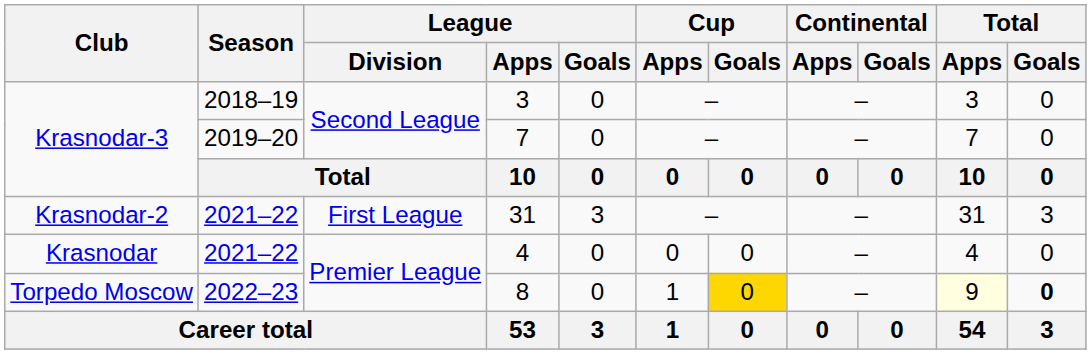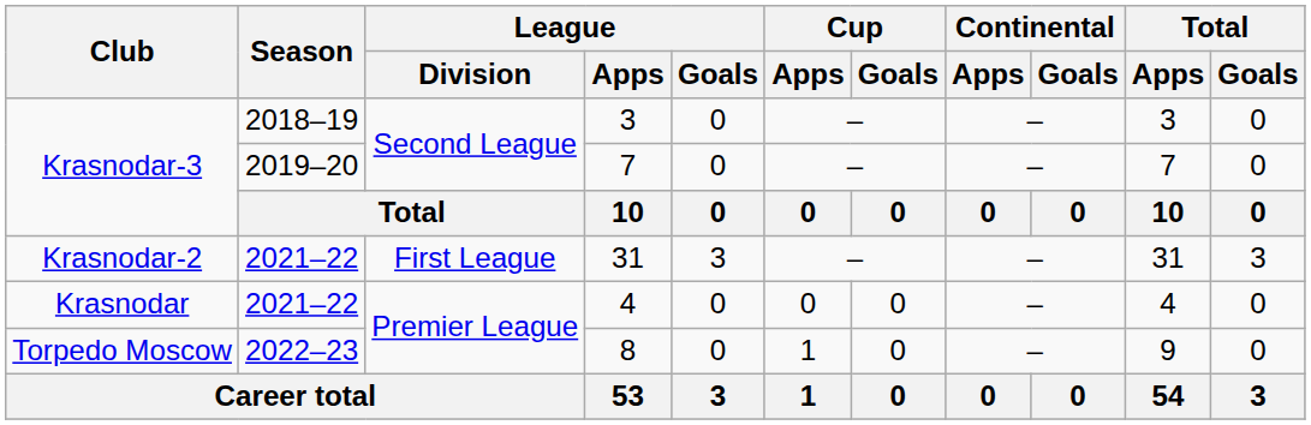 <table class="wikitable" style="text-align: center;">
 <tr>
 <th rowspan=2>Club</th>
 <th rowspan=2>Season</th>
 <th colspan=3>League</th>
 <th colspan=2>Cup</th>
 <th colspan=2>Continental</th>
 <th colspan=2>Total</th>
 </tr>
 <tr>
 <th>Division</th>
 <th>Apps</th>
 <th>Goals</th>
 <th>Apps</th>
 <th>Goals</th>
 <th>Apps</th>
 <th>Goals</th>
 <th>Apps</th>
 <th>Goals</th>
 </tr>
 <tr>
 <td rowspan="3"><a href='#'>Krasnodar-3</a></td>
 <td>2018–19</td>
 <td rowspan="2"><a href='#'>Second League</a></td>
 <td>3</td>
 <td>0</td>
 <td colspan=2>–</td>
 <td colspan=2>–</td>
 <td>3</td>
 <td>0</td>
 </tr>
 <tr>
 <td>2019–20</td>
 <td>7</td>
 <td>0</td>
 <td colspan=2>–</td>
 <td colspan=2>–</td>
 <td>7</td>
 <td>0</td>
 </tr>
 <tr>
 <th colspan=2>Total</th>
 <th>10</th>
 <th>0</th>
 <th>0</th>
 <th>0</th>
 <th>0</th>
 <th>0</th>
 <th>10</th>
 <th>0</th>
 </tr>
 <tr>
 <td><a href='#'>Krasnodar-2</a></td>
 <td><a href='#'>2021–22</a></td>
 <td><a href='#'>First League</a></td>
 <td>31</td>
 <td>3</td>
 <td colspan=2>–</td>
 <td colspan=2>–</td>
 <td>31</td>
 <td>3</td>
 </tr>
 <tr>
 <td><a href='#'>Krasnodar</a></td>
 <td><a href='#'>2021–22</a></td>
 <td rowspan="2"><a href='#'>Premier League</a></td>
 <td>4</td>
 <td>0</td>
 <td>0</td>
 <td>0</td>
 <td colspan=2>–</td>
 <td>4</td>
 <td>0</td>
 </tr>
 <tr>
 <td><a href='#'>Torpedo Moscow</a></td>
 <td><a href='#'>2022–23</a></td>
 <td>8</td>
 <td>0</td>
 <td>1</td>
-<td style="background: gold;">0</td>
+<td>0</td>
 <td colspan=2>–</td>
-<td style="background: lightyellow;">9</td>
-<td><strong>0</strong></td>
+<td>9</td>
+<td>0</td>
 </tr>
 <tr>
 <th colspan=3>Career total</th>
 <th>53</th>
 <th>3</th>
 <th>1</th>
 <th>0</th>
 <th>0</th>
 <th>0</th>
 <th>54</th>
 <th>3</th>
 </tr>
 </table>
